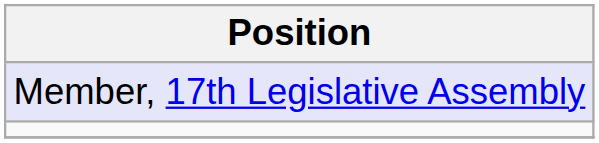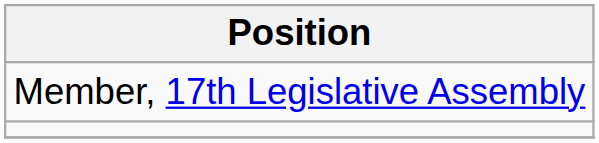 <table class="wikitable sortable">
 <tr>
 <th>Position</th>
 </tr>
 <tr>
-<td style="background: lavender;">Member, <a href='#'>17th Legislative Assembly</a></td>
+<td>Member, <a href='#'>17th Legislative Assembly</a></td>
 </tr>
 <tr>
 <td></td>
 </tr>
 <tr>
 </tr>
 </table>
